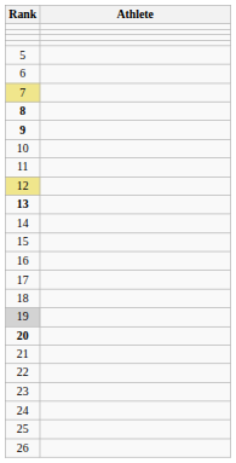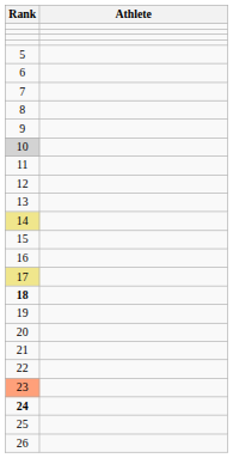 <table class="wikitable" style="text-align: center;">
 <tr>
 <th width=40>Rank</th>
 <th width=250>Athlete</th>
 </tr>
 <tr>
 <td></td>
 <td align=left></td>
 </tr>
 <tr>
 <td></td>
 <td align=left></td>
 </tr>
 <tr>
 <td></td>
 <td align=left></td>
 </tr>
 <tr>
 <td></td>
 <td align=left></td>
 </tr>
 <tr>
 <td>5</td>
 <td align=left></td>
 </tr>
 <tr>
 <td>6</td>
 <td align=left></td>
 </tr>
 <tr>
-<td style="background: khaki;">7</td>
+<td>7</td>
 <td align=left></td>
 </tr>
 <tr>
-<td><strong>8</strong></td>
+<td>8</td>
 <td align=left></td>
 </tr>
 <tr>
-<td><strong>9</strong></td>
+<td>9</td>
 <td align=left></td>
 </tr>
 <tr>
-<td>10</td>
+<td style="background: lightgrey;">10</td>
 <td align=left></td>
 </tr>
 <tr>
 <td>11</td>
 <td align=left></td>
 </tr>
 <tr>
-<td style="background: khaki;">12</td>
+<td>12</td>
 <td align=left></td>
 </tr>
 <tr>
-<td><strong>13</strong></td>
+<td>13</td>
 <td align=left></td>
 </tr>
 <tr>
-<td>14</td>
+<td style="background: khaki;">14</td>
 <td align=left></td>
 </tr>
 <tr>
 <td>15</td>
 <td align=left></td>
 </tr>
 <tr>
 <td>16</td>
 <td align=left></td>
 </tr>
 <tr>
-<td>17</td>
+<td style="background: khaki;">17</td>
 <td align=left></td>
 </tr>
 <tr>
-<td>18</td>
+<td><strong>18</strong></td>
 <td align=left></td>
 </tr>
 <tr>
-<td style="background: lightgrey;">19</td>
+<td>19</td>
 <td align=left></td>
 </tr>
 <tr>
-<td><strong>20</strong></td>
+<td>20</td>
 <td align=left></td>
 </tr>
 <tr>
 <td>21</td>
 <td align=left></td>
 </tr>
 <tr>
 <td>22</td>
 <td align=left></td>
 </tr>
 <tr>
-<td>23</td>
+<td style="background: lightsalmon;">23</td>
 <td align=left></td>
 </tr>
 <tr>
-<td>24</td>
+<td><strong>24</strong></td>
 <td align=left></td>
 </tr>
 <tr>
 <td>25</td>
 <td align=left></td>
 </tr>
 <tr>
 <td>26</td>
 <td align=left></td>
 </tr>
 </table>
